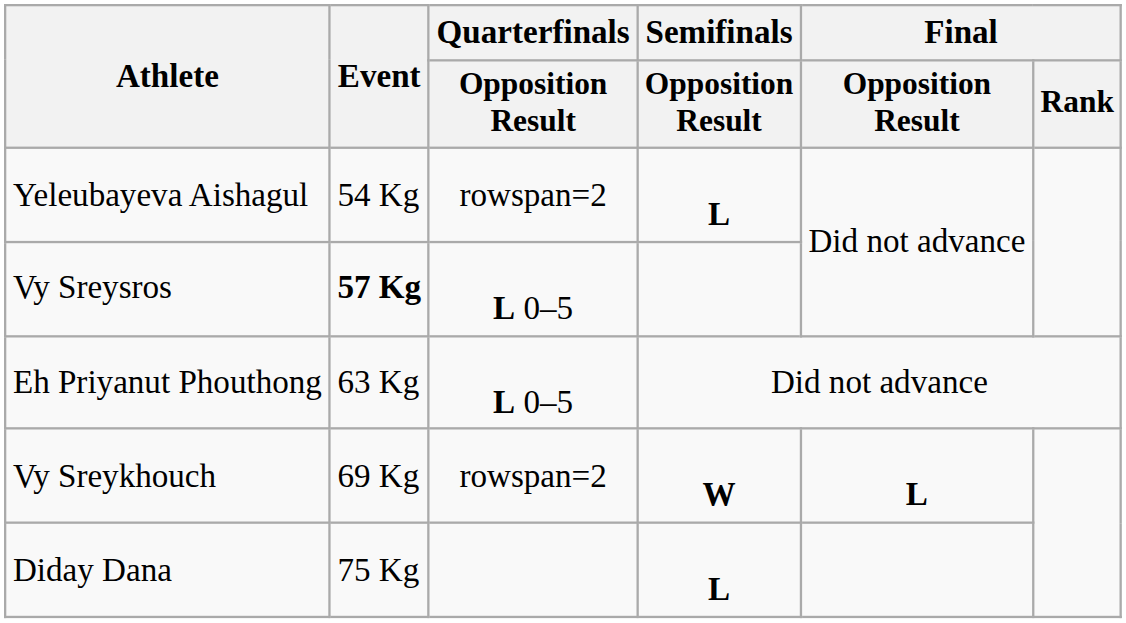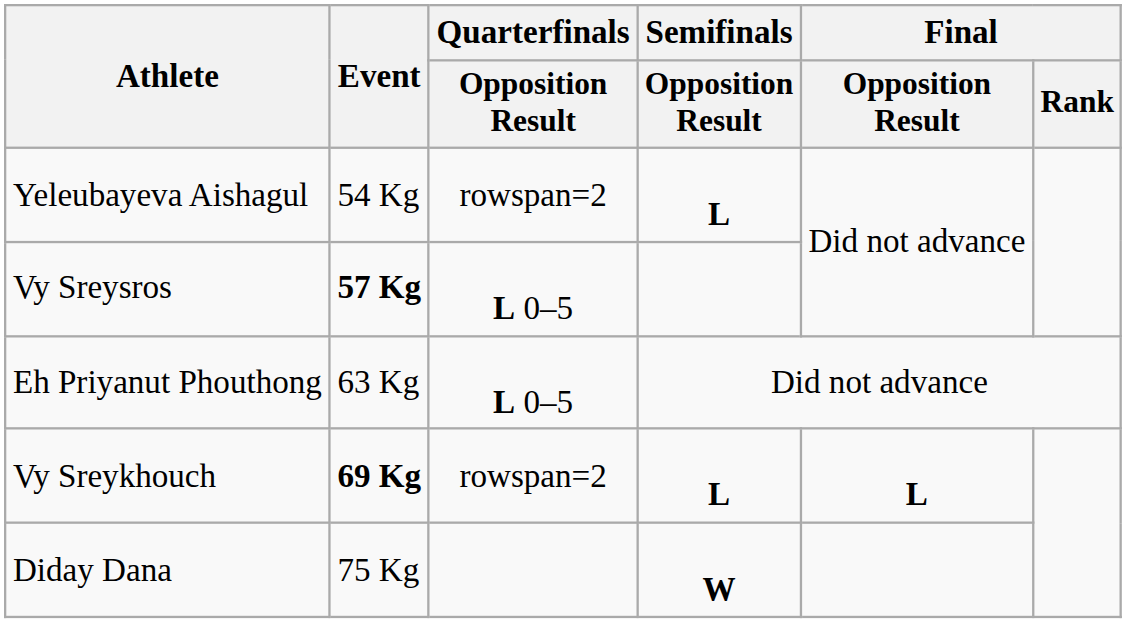 <table class=wikitable style=font-size:90%;text-align:center>
 <tr>
 <th rowspan="2">Athlete</th>
 <th rowspan="2">Event</th>
 <th>Quarterfinals</th>
 <th>Semifinals</th>
 <th colspan=2>Final</th>
 </tr>
 <tr style="font-size:95%">
 <th>Opposition<br>Result</th>
 <th>Opposition<br>Result</th>
 <th>Opposition<br>Result</th>
 <th>Rank</th>
 </tr>
 <tr align=center>
 <td align=left>Yeleubayeva Aishagul</td>
 <td align=left>54 Kg</td>
 <td>rowspan=2 </td>
 <td><br><strong>L</strong> </td>
 <td rowspan=2>Did not advance</td>
 <td rowspan=2></td>
 </tr>
 <tr align=center>
 <td align=left>Vy Sreysros</td>
 <td align=left><strong>57 Kg</strong></td>
 <td><br><strong>L</strong> 0–5</td>
 </tr>
 <tr align=center>
 <td align=left>Eh Priyanut Phouthong</td>
 <td align=left>63 Kg</td>
 <td><br><strong>L</strong> 0–5</td>
 <td colspan=3>Did not advance</td>
 </tr>
 <tr align=center>
 <td align=left>Vy Sreykhouch</td>
-<td align=left>69 Kg</td>
+<td align=left><strong>69 Kg</strong></td>
 <td>rowspan=2 </td>
-<td><br><strong>W</strong> </td>
+<td><br><strong>L</strong> </td>
 <td><br><strong>L</strong> </td>
 <td rowspan=2></td>
 </tr>
 <tr align=center>
 <td align=left>Diday Dana</td>
 <td align=left>75 Kg</td>
 <td></td>
-<td><br><strong>L</strong> </td>
+<td><br><strong>W</strong> </td>
 </tr>
 </table>
